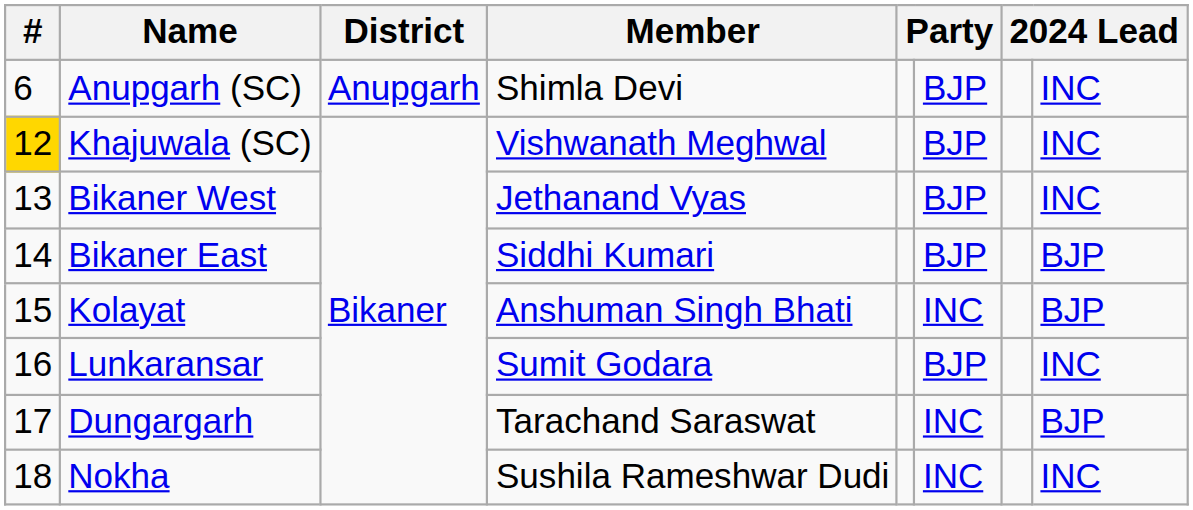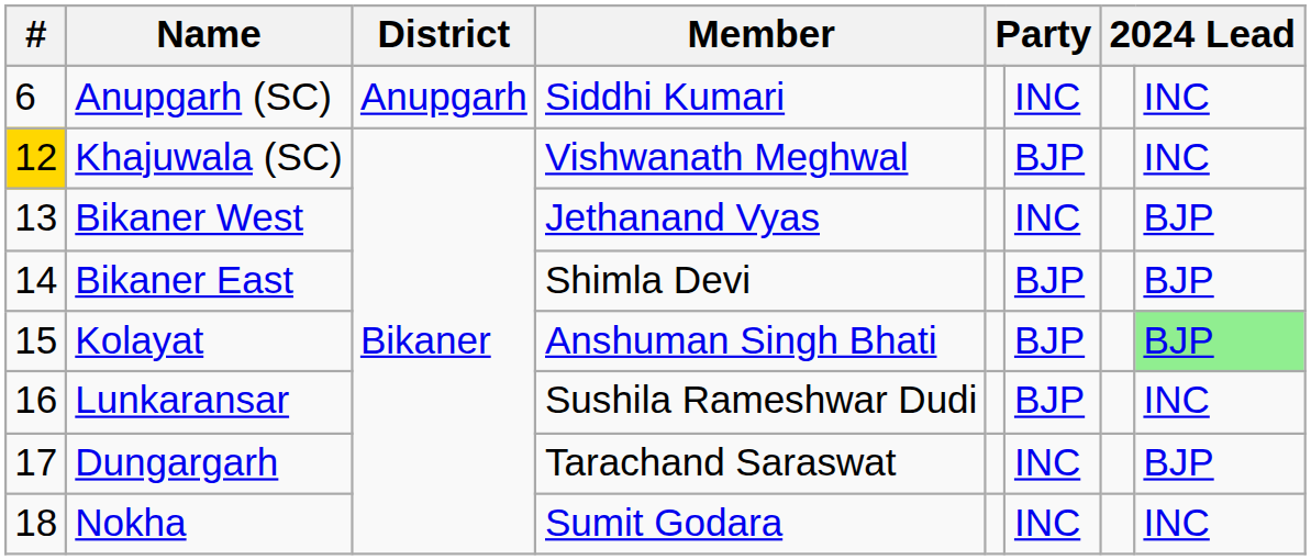 <table class="wikitable">
 <tr>
 <th>#</th>
 <th>Name</th>
 <th>District</th>
 <th>Member</th>
 <th colspan="2">Party</th>
 <th colspan="2">2024 Lead</th>
 </tr>
 <tr>
 <td>6</td>
 <td><a href='#'>Anupgarh</a> (SC)</td>
 <td><a href='#'>Anupgarh</a></td>
-<td>Shimla Devi</td>
+<td><a href='#'>Siddhi Kumari</a></td>
 <td style="background-color: "></td>
-<td><a href='#'>BJP</a></td>
+<td><a href='#'>INC</a></td>
 <td style="background-color: "></td>
 <td><a href='#'>INC</a></td>
 </tr>
 <tr>
 <td style="background: gold;">12</td>
 <td><a href='#'>Khajuwala</a> (SC)</td>
 <td rowspan="7"><a href='#'>Bikaner</a></td>
 <td><a href='#'>Vishwanath Meghwal</a></td>
 <td style="background-color: "></td>
 <td><a href='#'>BJP</a></td>
 <td style="background-color: "></td>
 <td><a href='#'>INC</a></td>
 </tr>
 <tr>
 <td>13</td>
 <td><a href='#'>Bikaner West</a></td>
 <td><a href='#'>Jethanand Vyas</a></td>
 <td style="background-color: "></td>
+<td><a href='#'>INC</a></td>
+<td style="background-color: "></td>
 <td><a href='#'>BJP</a></td>
-<td style="background-color: "></td>
-<td><a href='#'>INC</a></td>
 </tr>
 <tr>
 <td>14</td>
 <td><a href='#'>Bikaner East</a></td>
-<td><a href='#'>Siddhi Kumari</a></td>
+<td>Shimla Devi</td>
 <td style="background-color: "></td>
 <td><a href='#'>BJP</a></td>
 <td style="background-color: "></td>
 <td><a href='#'>BJP</a></td>
 </tr>
 <tr>
 <td>15</td>
 <td><a href='#'>Kolayat</a></td>
 <td><a href='#'>Anshuman Singh Bhati</a></td>
 <td style="background-color: "></td>
-<td><a href='#'>INC</a></td>
+<td><a href='#'>BJP</a></td>
 <td style="background-color: "></td>
-<td><a href='#'>BJP</a></td>
+<td style="background: lightgreen;"><a href='#'>BJP</a></td>
 </tr>
 <tr>
 <td>16</td>
 <td><a href='#'>Lunkaransar</a></td>
-<td><a href='#'>Sumit Godara</a></td>
+<td>Sushila Rameshwar Dudi</td>
 <td style="background-color: "></td>
 <td><a href='#'>BJP</a></td>
 <td style="background-color: "></td>
 <td><a href='#'>INC</a></td>
 </tr>
 <tr>
 <td>17</td>
 <td><a href='#'>Dungargarh</a></td>
 <td>Tarachand Saraswat</td>
 <td style="background-color: "></td>
 <td><a href='#'>INC</a></td>
 <td style="background-color: "></td>
 <td><a href='#'>BJP</a></td>
 </tr>
 <tr>
 <td>18</td>
 <td><a href='#'>Nokha</a></td>
-<td>Sushila Rameshwar Dudi</td>
+<td><a href='#'>Sumit Godara</a></td>
 <td style="background-color: "></td>
 <td><a href='#'>INC</a></td>
 <td style="background-color: "></td>
 <td><a href='#'>INC</a></td>
 </tr>
 </table>
